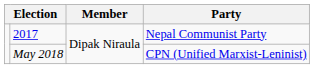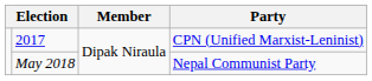 <table class="wikitable">
 <tr>
 <th colspan="2">Election</th>
 <th>Member</th>
 <th>Party</th>
 </tr>
 <tr>
 <td rowspan="2" style="background-color:"></td>
 <td><a href='#'>2017</a></td>
 <td rowspan="2">Dipak Niraula</td>
-<td><a href='#'>Nepal Communist Party</a></td>
+<td><a href='#'>CPN (Unified Marxist-Leninist)</a></td>
 </tr>
 <tr>
 <td><em>May 2018</em></td>
-<td><a href='#'>CPN (Unified Marxist-Leninist)</a></td>
+<td><a href='#'>Nepal Communist Party</a></td>
 </tr>
 </table>
